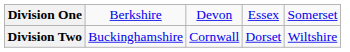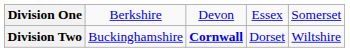 <table class="wikitable" style="text-align: center" style="font-size: 95%; border: 1px #aaaaaa solid; border-collapse: collapse; clear:center;">
 <tr>
 <th>Division One</th>
 <td><a href='#'>Berkshire</a></td>
 <td><a href='#'>Devon</a></td>
 <td><a href='#'>Essex</a></td>
 <td><a href='#'>Somerset</a></td>
 </tr>
 <tr>
 <th>Division Two</th>
 <td><a href='#'>Buckinghamshire</a></td>
-<td><a href='#'>Cornwall</a></td>
+<td><strong><a href='#'>Cornwall</a></strong></td>
 <td><a href='#'>Dorset</a></td>
 <td><a href='#'>Wiltshire</a></td>
 </tr>
 </table>
